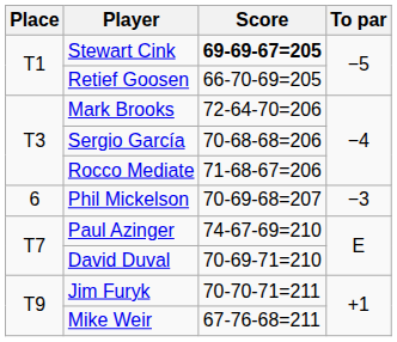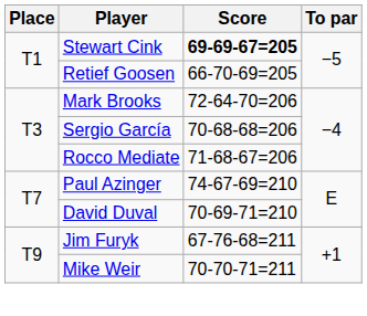 <table class="wikitable">
 <tr>
 <th>Place</th>
 <th>Player</th>
 <th>Score</th>
 <th>To par</th>
 </tr>
 <tr>
 <td rowspan="2" align=center>T1</td>
 <td> <a href='#'>Stewart Cink</a></td>
 <td><strong>69-69-67=205</strong></td>
 <td rowspan="2" align=center>−5</td>
 </tr>
 <tr>
 <td> <a href='#'>Retief Goosen</a></td>
 <td>66-70-69=205</td>
 </tr>
 <tr>
 <td rowspan="3" align=center>T3</td>
 <td> <a href='#'>Mark Brooks</a></td>
 <td>72-64-70=206</td>
 <td rowspan="3" align=center>−4</td>
 </tr>
 <tr>
 <td> <a href='#'>Sergio García</a></td>
 <td>70-68-68=206</td>
 </tr>
 <tr>
 <td> <a href='#'>Rocco Mediate</a></td>
 <td>71-68-67=206</td>
 </tr>
 <tr>
-<td align=center>6</td>
-<td> <a href='#'>Phil Mickelson</a></td>
-<td>70-69-68=207</td>
-<td align=center>−3</td>
-</tr>
-<tr>
 <td rowspan="2" align=center>T7</td>
 <td> <a href='#'>Paul Azinger</a></td>
 <td>74-67-69=210</td>
 <td rowspan="2" align=center>E</td>
 </tr>
 <tr>
 <td> <a href='#'>David Duval</a></td>
 <td>70-69-71=210</td>
 </tr>
 <tr>
 <td rowspan="2" align=center>T9</td>
 <td> <a href='#'>Jim Furyk</a></td>
-<td>70-70-71=211</td>
+<td>67-76-68=211</td>
 <td rowspan="2" align=center>+1</td>
 </tr>
 <tr>
 <td> <a href='#'>Mike Weir</a></td>
-<td>67-76-68=211</td>
+<td>70-70-71=211</td>
 </tr>
 </table>
